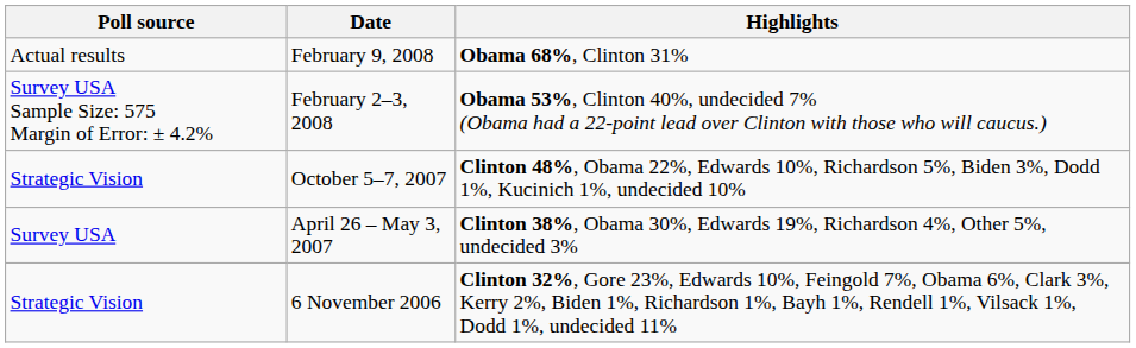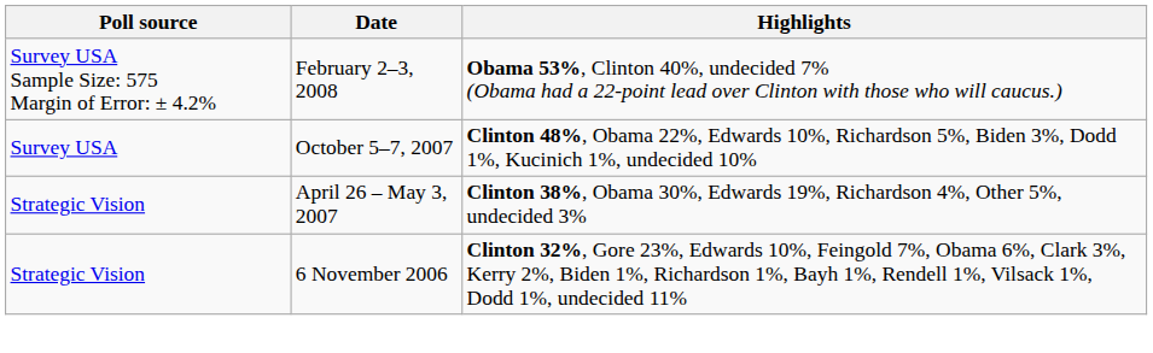 <table class="wikitable sortable">
 <tr>
 <th width="25%">Poll source</th>
 <th width="15%">Date</th>
 <th width="60%">Highlights</th>
 </tr>
 <tr>
-<td>Actual results</td>
-<td>February 9, 2008</td>
-<td><strong>Obama 68%</strong>, Clinton 31%</td>
-</tr>
-<tr>
 <td><a href='#'>Survey USA</a><br>Sample Size: 575<br> Margin of Error: ± 4.2%</td>
 <td>February 2–3, 2008</td>
 <td><strong>Obama 53%</strong>, Clinton 40%, undecided 7% <br> <em>(Obama had a 22-point lead over Clinton with those who will caucus.)</em></td>
 </tr>
 <tr>
-<td><a href='#'>Strategic Vision</a></td>
+<td><a href='#'>Survey USA</a></td>
 <td>October 5–7, 2007</td>
 <td><strong>Clinton 48%</strong>, Obama 22%, Edwards 10%, Richardson 5%, Biden 3%, Dodd 1%, Kucinich 1%, undecided 10%</td>
 </tr>
 <tr>
-<td><a href='#'>Survey USA</a></td>
+<td><a href='#'>Strategic Vision</a></td>
 <td>April 26 – May 3, 2007</td>
 <td><strong>Clinton 38%</strong>, Obama 30%, Edwards 19%, Richardson 4%, Other 5%, undecided 3%</td>
 </tr>
 <tr>
 <td><a href='#'>Strategic Vision</a></td>
 <td>6 November 2006</td>
 <td><strong>Clinton 32%</strong>, Gore 23%, Edwards 10%, Feingold 7%, Obama 6%, Clark 3%, Kerry 2%, Biden 1%, Richardson 1%, Bayh 1%, Rendell 1%, Vilsack 1%, Dodd 1%, undecided 11%</td>
 </tr>
 </table>
